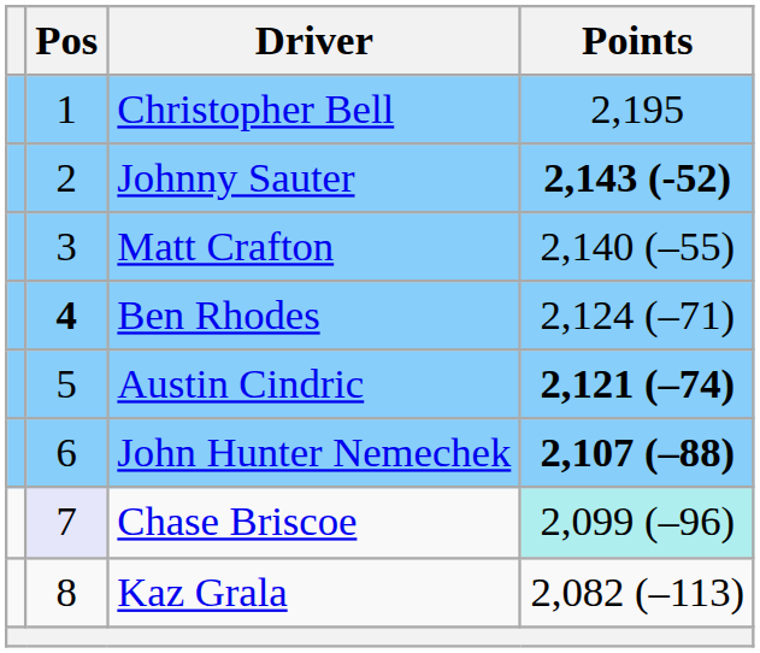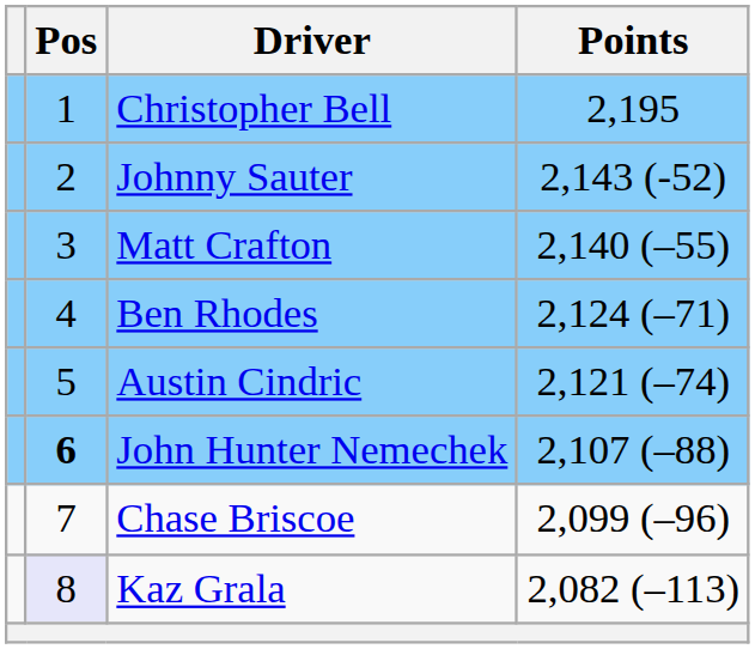 <table class="wikitable" style="font-size: 95%;">
 <tr>
 <th></th>
 <th>Pos</th>
 <th>Driver</th>
 <th>Points</th>
 </tr>
 <tr style="background:#87CEFA;">
 <td align="left"></td>
 <td style="text-align:center;">1</td>
 <td><a href='#'>Christopher Bell</a></td>
 <td style="text-align:center;">2,195</td>
 </tr>
 <tr style="background:#87CEFA;">
 <td align="left"></td>
 <td style="text-align:center;">2</td>
 <td><a href='#'>Johnny Sauter</a></td>
-<td style="text-align:center;"><strong>2,143 (-52)</strong></td>
+<td style="text-align:center;">2,143 (-52)</td>
 </tr>
 <tr style="background:#87CEFA;">
 <td align="left"></td>
 <td style="text-align:center;">3</td>
 <td><a href='#'>Matt Crafton</a></td>
 <td style="text-align:center;">2,140 (–55)</td>
 </tr>
 <tr style="background:#87CEFA;">
 <td align="left"></td>
-<td style="text-align:center;"><strong>4</strong></td>
+<td style="text-align:center;">4</td>
 <td><a href='#'>Ben Rhodes</a></td>
 <td style="text-align:center;">2,124 (–71)</td>
 </tr>
 <tr style="background:#87CEFA;">
 <td align="left"></td>
 <td style="text-align:center;">5</td>
 <td><a href='#'>Austin Cindric</a></td>
-<td style="text-align:center;"><strong>2,121 (–74)</strong></td>
+<td style="text-align:center;">2,121 (–74)</td>
 </tr>
 <tr style="background:#87CEFA;">
 <td align="left"></td>
-<td style="text-align:center;">6</td>
+<td style="text-align:center;"><strong>6</strong></td>
 <td><a href='#'>John Hunter Nemechek</a></td>
-<td style="text-align:center;"><strong>2,107 (–88)</strong></td>
+<td style="text-align:center;">2,107 (–88)</td>
 </tr>
 <tr>
 <td align="left"></td>
-<td style="background: lavender; text-align:center;">7</td>
+<td style="text-align:center;">7</td>
 <td><a href='#'>Chase Briscoe</a></td>
-<td style="background: paleturquoise; text-align:center;">2,099 (–96)</td>
+<td style="text-align:center;">2,099 (–96)</td>
 </tr>
 <tr>
 <td align="left"></td>
-<td style="text-align:center;">8</td>
+<td style="background: lavender; text-align:center;">8</td>
 <td><a href='#'>Kaz Grala</a></td>
 <td style="text-align:center;">2,082 (–113)</td>
 </tr>
 <tr class="sortbottom">
 <th colspan="9"></th>
 </tr>
 </table>
